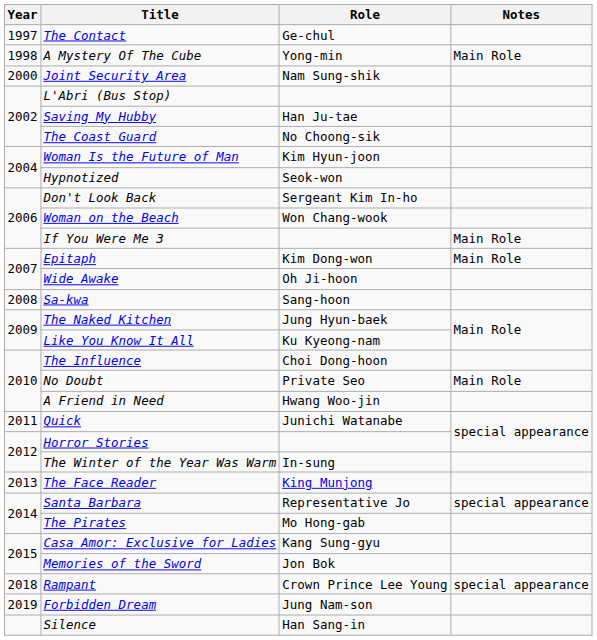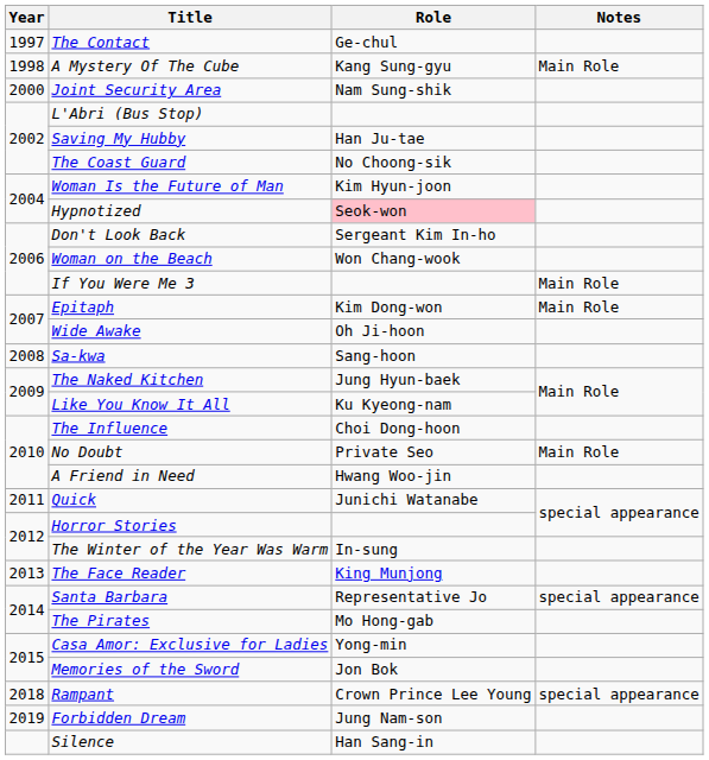 <table class="wikitable sortable">
 <tr>
 <th>Year</th>
 <th>Title</th>
 <th>Role</th>
 <th>Notes</th>
 </tr>
 <tr>
 <td>1997</td>
 <td><em><a href='#'>The Contact</a></em></td>
 <td>Ge-chul</td>
 <td></td>
 </tr>
 <tr>
 <td>1998</td>
 <td><em>A Mystery Of The Cube</em></td>
-<td>Yong-min</td>
+<td>Kang Sung-gyu</td>
 <td>Main Role</td>
 </tr>
 <tr>
 <td>2000</td>
 <td><em><a href='#'>Joint Security Area</a></em></td>
 <td>Nam Sung-shik</td>
 <td></td>
 </tr>
 <tr>
 <td rowspan="3">2002</td>
 <td><em>L'Abri (Bus Stop)</em></td>
 <td></td>
 <td></td>
 </tr>
 <tr>
 <td><em><a href='#'>Saving My Hubby</a></em></td>
 <td>Han Ju-tae</td>
 <td></td>
 </tr>
 <tr>
 <td><em><a href='#'>The Coast Guard</a></em></td>
 <td>No Choong-sik</td>
 <td></td>
 </tr>
 <tr>
 <td rowspan="2">2004</td>
 <td><em><a href='#'>Woman Is the Future of Man</a></em></td>
 <td>Kim Hyun-joon</td>
 <td></td>
 </tr>
 <tr>
 <td><em>Hypnotized</em></td>
-<td>Seok-won</td>
+<td style="background: pink;">Seok-won</td>
 <td></td>
 </tr>
 <tr>
 <td rowspan="3">2006</td>
 <td><em>Don't Look Back</em></td>
 <td>Sergeant Kim In-ho</td>
 <td></td>
 </tr>
 <tr>
 <td><em><a href='#'>Woman on the Beach</a></em></td>
 <td>Won Chang-wook</td>
 <td></td>
 </tr>
 <tr>
 <td><em>If You Were Me 3</em></td>
 <td></td>
 <td>Main Role</td>
 </tr>
 <tr>
 <td rowspan="2">2007</td>
 <td><em><a href='#'>Epitaph</a></em></td>
 <td>Kim Dong-won</td>
 <td>Main Role</td>
 </tr>
 <tr>
 <td><em><a href='#'>Wide Awake</a></em></td>
 <td>Oh Ji-hoon</td>
 <td></td>
 </tr>
 <tr>
 <td>2008</td>
 <td><em><a href='#'>Sa-kwa</a></em></td>
 <td>Sang-hoon</td>
 <td></td>
 </tr>
 <tr>
 <td rowspan="2">2009</td>
 <td><em><a href='#'>The Naked Kitchen</a></em></td>
 <td>Jung Hyun-baek</td>
 <td rowspan="2">Main Role</td>
 </tr>
 <tr>
 <td><em><a href='#'>Like You Know It All</a></em></td>
 <td>Ku Kyeong-nam</td>
 </tr>
 <tr>
 <td rowspan="3">2010</td>
 <td><em><a href='#'>The Influence</a></em></td>
 <td>Choi Dong-hoon</td>
 <td></td>
 </tr>
 <tr>
 <td><em>No Doubt</em></td>
 <td>Private Seo</td>
 <td>Main Role</td>
 </tr>
 <tr>
 <td><em>A Friend in Need</em></td>
 <td>Hwang Woo-jin</td>
 <td></td>
 </tr>
 <tr>
 <td>2011</td>
 <td><em><a href='#'>Quick</a></em></td>
 <td>Junichi Watanabe</td>
 <td rowspan="2">special appearance</td>
 </tr>
 <tr>
 <td rowspan="2">2012</td>
 <td><em><a href='#'>Horror Stories</a></em></td>
 <td></td>
 </tr>
 <tr>
 <td><em>The Winter of the Year Was Warm</em></td>
 <td>In-sung</td>
 <td></td>
 </tr>
 <tr>
 <td>2013</td>
 <td><em><a href='#'>The Face Reader</a></em></td>
 <td><a href='#'>King Munjong</a></td>
 <td></td>
 </tr>
 <tr>
 <td rowspan="2">2014</td>
 <td><em><a href='#'>Santa Barbara</a></em></td>
 <td>Representative Jo</td>
 <td>special appearance</td>
 </tr>
 <tr>
 <td><em><a href='#'>The Pirates</a></em></td>
 <td>Mo Hong-gab</td>
 <td></td>
 </tr>
 <tr>
 <td rowspan="2">2015</td>
 <td><em><a href='#'>Casa Amor: Exclusive for Ladies</a></em></td>
-<td>Kang Sung-gyu</td>
+<td>Yong-min</td>
 <td></td>
 </tr>
 <tr>
 <td><em><a href='#'>Memories of the Sword</a></em></td>
 <td>Jon Bok</td>
 <td></td>
 </tr>
 <tr>
 <td>2018</td>
 <td><em><a href='#'>Rampant</a></em></td>
 <td>Crown Prince Lee Young</td>
 <td>special appearance</td>
 </tr>
 <tr>
 <td>2019</td>
 <td><em><a href='#'>Forbidden Dream</a></em></td>
 <td>Jung Nam-son</td>
 <td></td>
 </tr>
 <tr>
 <td></td>
 <td><em>Silence</em></td>
 <td>Han Sang-in</td>
 <td></td>
 </tr>
 </table>
